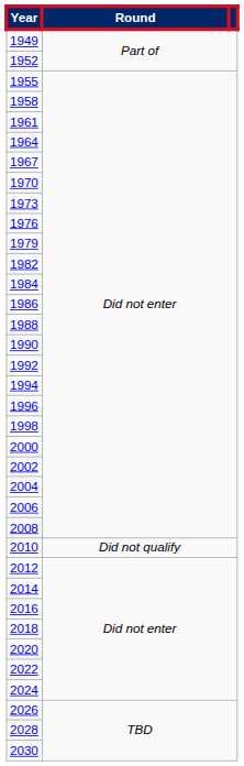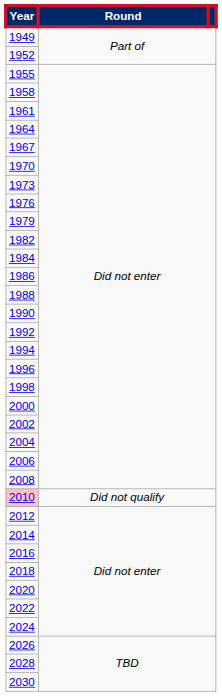 <table class="wikitable" style="text-align: center; font-size:90%">
 <tr style="color:white;">
 <th style="background:#002868; border: 4px solid #CE1126; ">Year</th>
 <th style="background:#002868; border: 4px solid #CE1126; width:200px">Round</th>
 <th style="background:#002868; border: 4px solid #CE1126;"></th>
 </tr>
 <tr>
 <td><a href='#'>1949</a></td>
 <td colspan="2" rowspan="2"><em>Part of </em></td>
 </tr>
 <tr>
 <td><a href='#'>1952</a></td>
 </tr>
 <tr>
 <td><a href='#'>1955</a></td>
 <td colspan="2" rowspan="23"><em>Did not enter</em></td>
 </tr>
 <tr>
 <td><a href='#'>1958</a></td>
 </tr>
 <tr>
 <td><a href='#'>1961</a></td>
 </tr>
 <tr>
 <td><a href='#'>1964</a></td>
 </tr>
 <tr>
 <td><a href='#'>1967</a></td>
 </tr>
 <tr>
 <td><a href='#'>1970</a></td>
 </tr>
 <tr>
 <td><a href='#'>1973</a></td>
 </tr>
 <tr>
 <td><a href='#'>1976</a></td>
 </tr>
 <tr>
 <td><a href='#'>1979</a></td>
 </tr>
 <tr>
 <td><a href='#'>1982</a></td>
 </tr>
 <tr>
 <td><a href='#'>1984</a></td>
 </tr>
 <tr>
 <td><a href='#'>1986</a></td>
 </tr>
 <tr>
 <td><a href='#'>1988</a></td>
 </tr>
 <tr>
 <td><a href='#'>1990</a></td>
 </tr>
 <tr>
 <td><a href='#'>1992</a></td>
 </tr>
 <tr>
 <td><a href='#'>1994</a></td>
 </tr>
 <tr>
 <td><a href='#'>1996</a></td>
 </tr>
 <tr>
 <td><a href='#'>1998</a></td>
 </tr>
 <tr>
 <td><a href='#'>2000</a></td>
 </tr>
 <tr>
 <td><a href='#'>2002</a></td>
 </tr>
 <tr>
 <td><a href='#'>2004</a></td>
 </tr>
 <tr>
 <td><a href='#'>2006</a></td>
 </tr>
 <tr>
 <td><a href='#'>2008</a></td>
 </tr>
 <tr>
-<td><a href='#'>2010</a></td>
+<td style="background: pink;"><a href='#'>2010</a></td>
 <td colspan="2"><em>Did not qualify</em></td>
 </tr>
 <tr>
 <td><a href='#'>2012</a></td>
 <td colspan="2" rowspan="7"><em>Did not enter</em></td>
 </tr>
 <tr>
 <td><a href='#'>2014</a></td>
 </tr>
 <tr>
 <td><a href='#'>2016</a></td>
 </tr>
 <tr>
 <td><a href='#'>2018</a></td>
 </tr>
 <tr>
 <td><a href='#'>2020</a></td>
 </tr>
 <tr>
 <td><a href='#'>2022</a></td>
 </tr>
 <tr>
 <td><a href='#'>2024</a></td>
 </tr>
 <tr>
 <td><a href='#'>2026</a></td>
 <td colspan="2" rowspan="3"><em>TBD</em></td>
 </tr>
 <tr>
 <td><a href='#'>2028</a></td>
 </tr>
 <tr>
 <td><a href='#'>2030</a></td>
 </tr>
 </table>
